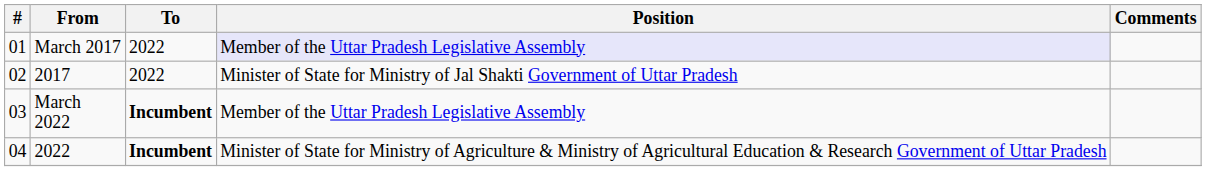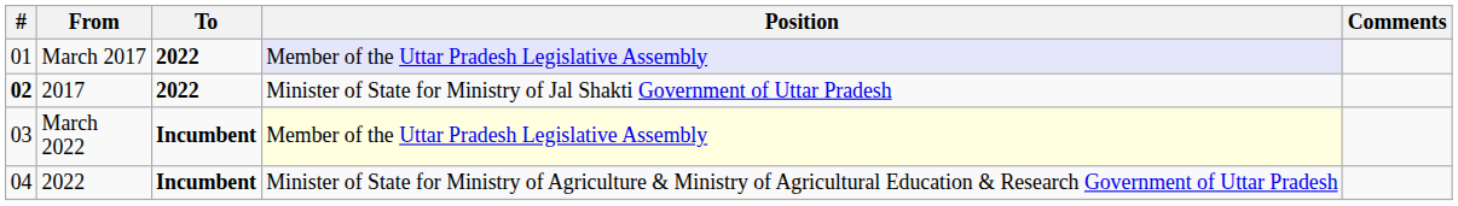 <table class="wikitable sortable">
 <tr>
 <th>#</th>
 <th>From</th>
 <th>To</th>
 <th>Position</th>
 <th>Comments</th>
 </tr>
 <tr>
 <td>01</td>
 <td>March 2017</td>
-<td>2022</td>
+<td><strong>2022</strong></td>
 <td style="background: lavender;">Member of the <a href='#'>Uttar Pradesh Legislative Assembly</a></td>
 <td></td>
 </tr>
 <tr>
-<td>02</td>
+<td><strong>02</strong></td>
 <td>2017</td>
-<td>2022</td>
+<td><strong>2022</strong></td>
 <td>Minister of State for Ministry of Jal Shakti <a href='#'>Government of Uttar Pradesh</a></td>
 <td></td>
 </tr>
 <tr>
 <td>03</td>
 <td>March<br>2022</td>
 <td><strong>Incumbent</strong></td>
-<td>Member of the <a href='#'>Uttar Pradesh Legislative Assembly</a></td>
+<td style="background: lightyellow;">Member of the <a href='#'>Uttar Pradesh Legislative Assembly</a></td>
 <td></td>
 </tr>
 <tr>
 <td>04</td>
 <td>2022</td>
 <td><strong>Incumbent</strong></td>
 <td>Minister of State for Ministry of Agriculture & Ministry of Agricultural Education & Research <a href='#'>Government of Uttar Pradesh</a></td>
 <td></td>
 </tr>
 <tr>
 </tr>
 </table>
